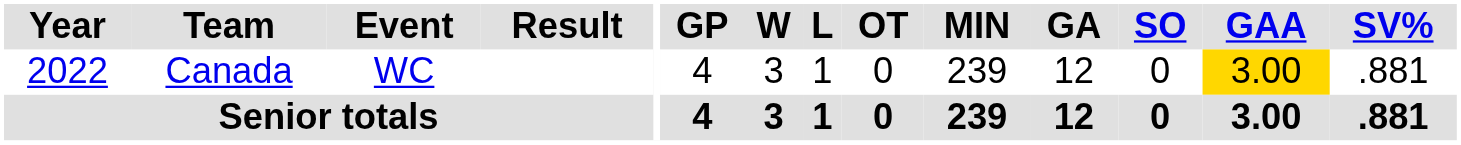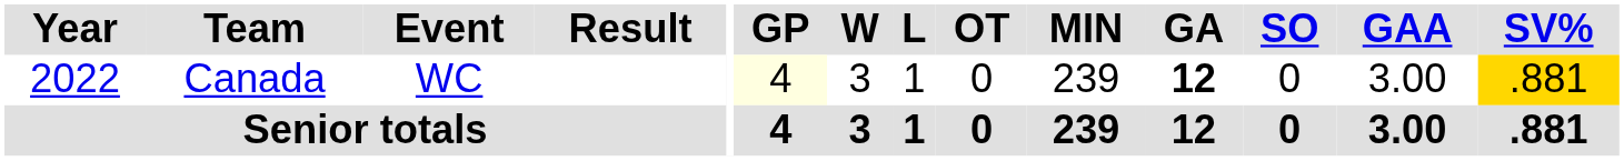 <table border="0" cellpadding="1" cellspacing="0" ID="Table3" style="text-align:center; width:40em;">
 <tr bgcolor="#e0e0e0">
 <th>Year</th>
 <th>Team</th>
 <th>Event</th>
 <th>Result</th>
 <th rowspan="99" bgcolor="#ffffff"></th>
 <th>GP</th>
 <th>W</th>
 <th>L</th>
 <th>OT</th>
 <th>MIN</th>
 <th>GA</th>
 <th><a href='#'>SO</a></th>
 <th><a href='#'>GAA</a></th>
 <th><a href='#'>SV%</a></th>
 </tr>
 <tr>
 <td><a href='#'>2022</a></td>
 <td><a href='#'>Canada</a></td>
 <td><a href='#'>WC</a></td>
 <td></td>
-<td>4</td>
+<td style="background: lightyellow;">4</td>
 <td>3</td>
 <td>1</td>
 <td>0</td>
 <td>239</td>
-<td>12</td>
+<td><strong>12</strong></td>
 <td>0</td>
-<td style="background: gold;">3.00</td>
-<td>.881</td>
+<td>3.00</td>
+<td style="background: gold;">.881</td>
 </tr>
 <tr bgcolor="#e0e0e0">
 <th colspan="4">Senior totals</th>
 <th>4</th>
 <th>3</th>
 <th>1</th>
 <th>0</th>
 <th>239</th>
 <th>12</th>
 <th>0</th>
 <th>3.00</th>
 <th>.881</th>
 </tr>
 </table>
